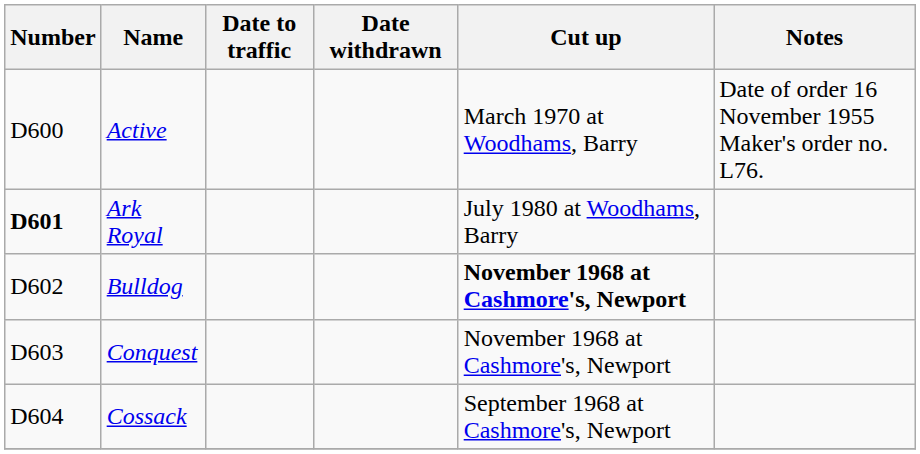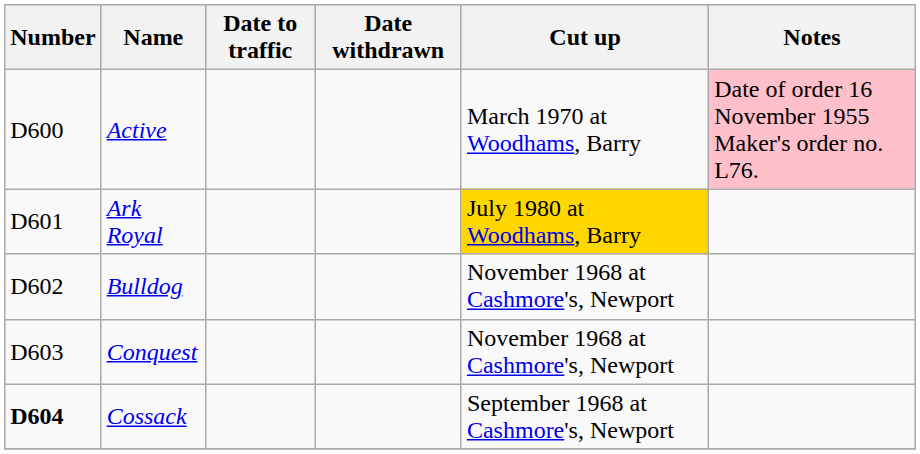 <table class="wikitable sortable">
 <tr>
 <th>Number</th>
 <th>Name</th>
 <th>Date to traffic</th>
 <th>Date withdrawn</th>
 <th>Cut up</th>
 <th>Notes</th>
 </tr>
 <tr>
 <td>D600</td>
 <td><em><a href='#'>Active</a></em></td>
 <td></td>
 <td></td>
 <td>March 1970 at <a href='#'>Woodhams</a>, Barry</td>
-<td>Date of order 16 November 1955<br>Maker's order no. L76.</td>
+<td style="background: pink;">Date of order 16 November 1955<br>Maker's order no. L76.</td>
 </tr>
 <tr>
-<td><strong>D601</strong></td>
+<td>D601</td>
 <td><em><a href='#'>Ark Royal</a></em></td>
 <td></td>
 <td></td>
-<td>July 1980 at <a href='#'>Woodhams</a>, Barry</td>
+<td style="background: gold;">July 1980 at <a href='#'>Woodhams</a>, Barry</td>
 <td></td>
 </tr>
 <tr>
 <td>D602</td>
 <td><em><a href='#'>Bulldog</a></em></td>
 <td></td>
 <td></td>
-<td><strong>November 1968 at <a href='#'>Cashmore</a>'s, Newport</strong></td>
+<td>November 1968 at <a href='#'>Cashmore</a>'s, Newport</td>
 <td></td>
 </tr>
 <tr>
 <td>D603</td>
 <td><em><a href='#'>Conquest</a></em></td>
 <td></td>
 <td></td>
 <td>November 1968 at <a href='#'>Cashmore</a>'s, Newport</td>
 <td></td>
 </tr>
 <tr>
-<td>D604</td>
+<td><strong>D604</strong></td>
 <td><em><a href='#'>Cossack</a></em></td>
 <td></td>
 <td></td>
 <td>September 1968 at <a href='#'>Cashmore</a>'s, Newport</td>
 <td></td>
 </tr>
 <tr>
 </tr>
 </table>
